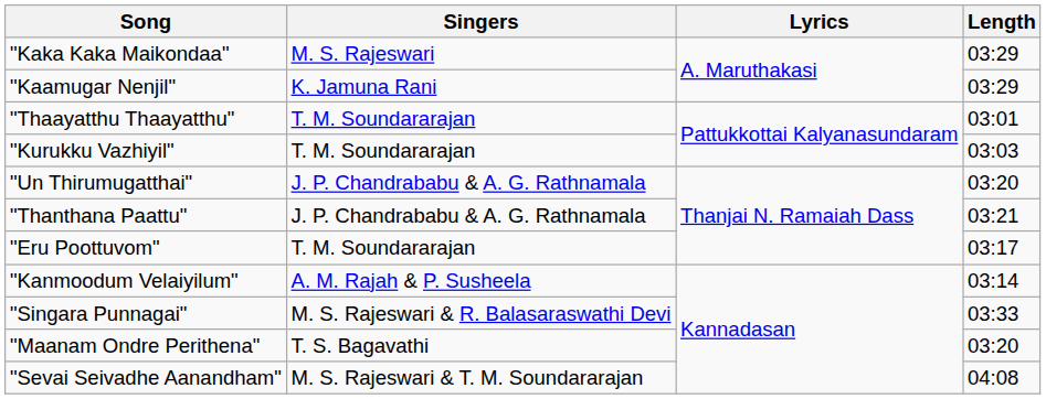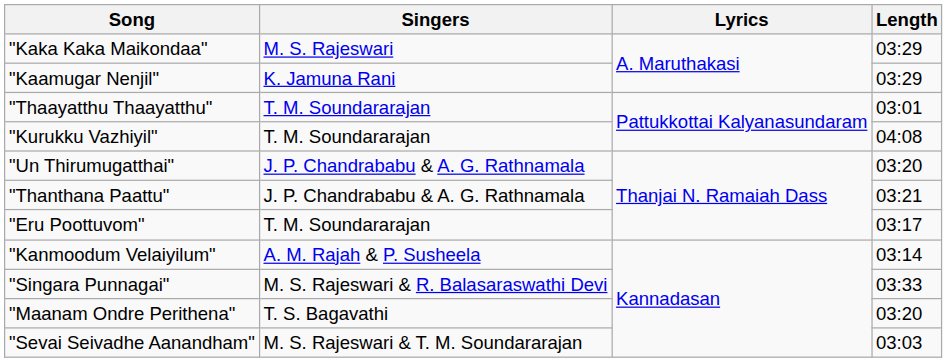 <table class="wikitable" style="font-size:95%;">
 <tr>
 <th>Song</th>
 <th>Singers</th>
 <th>Lyrics</th>
 <th>Length</th>
 </tr>
 <tr>
 <td>"Kaka Kaka Maikondaa"</td>
 <td><a href='#'>M. S. Rajeswari</a></td>
 <td rowspan="2"><a href='#'>A. Maruthakasi</a></td>
 <td>03:29</td>
 </tr>
 <tr>
 <td>"Kaamugar Nenjil"</td>
 <td><a href='#'>K. Jamuna Rani</a></td>
 <td>03:29</td>
 </tr>
 <tr>
 <td>"Thaayatthu Thaayatthu"</td>
 <td><a href='#'>T. M. Soundararajan</a></td>
 <td rowspan="2"><a href='#'>Pattukkottai Kalyanasundaram</a></td>
 <td>03:01</td>
 </tr>
 <tr>
 <td>"Kurukku Vazhiyil"</td>
 <td>T. M. Soundararajan</td>
-<td>03:03</td>
+<td>04:08</td>
 </tr>
 <tr>
 <td>"Un Thirumugatthai"</td>
 <td><a href='#'>J. P. Chandrababu</a> & <a href='#'>A. G. Rathnamala</a></td>
 <td rowspan="3"><a href='#'>Thanjai N. Ramaiah Dass</a></td>
 <td>03:20</td>
 </tr>
 <tr>
 <td>"Thanthana Paattu"</td>
 <td>J. P. Chandrababu & A. G. Rathnamala</td>
 <td>03:21</td>
 </tr>
 <tr>
 <td>"Eru Poottuvom"</td>
 <td>T. M. Soundararajan</td>
 <td>03:17</td>
 </tr>
 <tr>
 <td>"Kanmoodum Velaiyilum"</td>
 <td><a href='#'>A. M. Rajah</a> & <a href='#'>P. Susheela</a></td>
 <td rowspan="4"><a href='#'>Kannadasan</a></td>
 <td>03:14</td>
 </tr>
 <tr>
 <td>"Singara Punnagai"</td>
 <td>M. S. Rajeswari & <a href='#'>R. Balasaraswathi Devi</a></td>
 <td>03:33</td>
 </tr>
 <tr>
 <td>"Maanam Ondre Perithena"</td>
 <td>T. S. Bagavathi</td>
 <td>03:20</td>
 </tr>
 <tr>
 <td>"Sevai Seivadhe Aanandham"</td>
 <td>M. S. Rajeswari & T. M. Soundararajan</td>
-<td>04:08</td>
+<td>03:03</td>
 </tr>
 </table>
